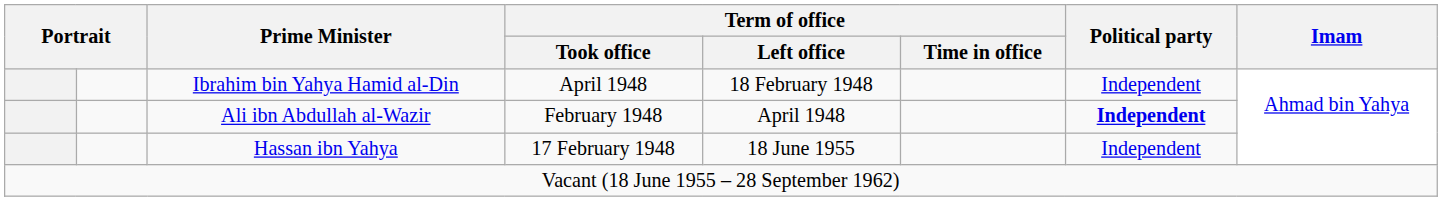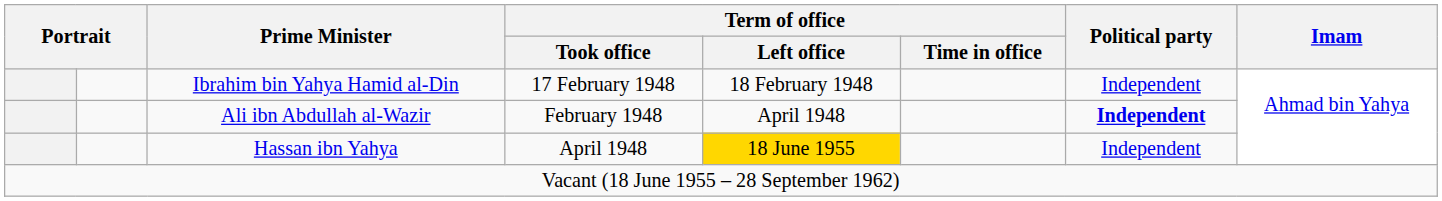 <table class="wikitable" style="text-align:center; border:1px #aaf solid; width:90%;">
 <tr>
 <th rowspan="2" colspan="2" width="80px">Portrait</th>
 <th rowspan="2">Prime Minister<br></th>
 <th colspan="3">Term of office</th>
 <th rowspan="2">Political party</th>
 <th rowspan="2"><a href='#'>Imam</a><br></th>
 </tr>
 <tr>
 <th>Took office</th>
 <th>Left office</th>
 <th>Time in office</th>
 </tr>
 <tr>
 <th style="background:"></th>
 <td></td>
 <td><a href='#'>Ibrahim bin Yahya Hamid al-Din</a><br></td>
-<td>April 1948</td>
+<td>17 February 1948</td>
 <td>18 February 1948</td>
 <td></td>
 <td><a href='#'>Independent</a></td>
 <td style="background:White;" rowspan=3><a href='#'>Ahmad bin Yahya</a><br><br></td>
 </tr>
 <tr>
 <th style="background:"></th>
 <td></td>
 <td><a href='#'>Ali ibn Abdullah al-Wazir</a><br></td>
 <td>February 1948</td>
 <td>April 1948</td>
 <td></td>
 <td><strong><a href='#'>Independent</a></strong></td>
 </tr>
 <tr>
 <th style="background:"></th>
 <td></td>
 <td><a href='#'>Hassan ibn Yahya</a><br></td>
-<td>17 February 1948</td>
-<td>18 June 1955</td>
+<td>April 1948</td>
+<td style="background: gold;">18 June 1955</td>
 <td></td>
 <td><a href='#'>Independent</a></td>
 </tr>
 <tr>
 <td colspan="8">Vacant (18 June 1955 – 28 September 1962)</td>
 </tr>
 </table>
